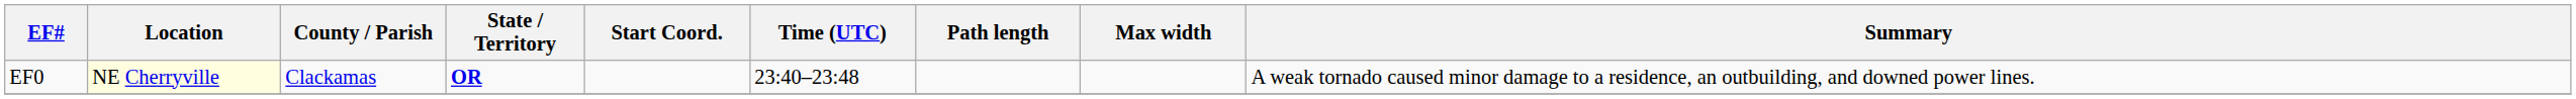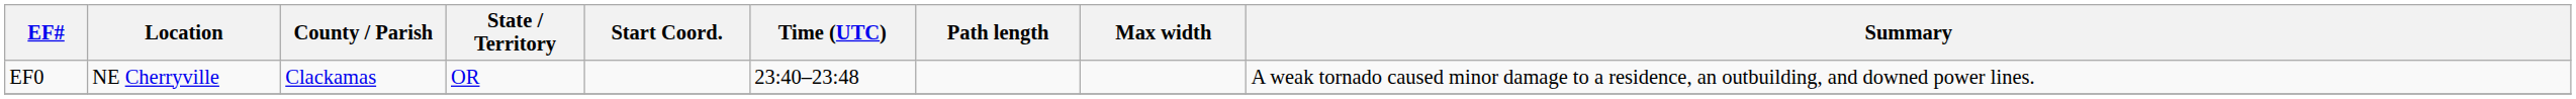 <table class="wikitable sortable" style="width:100%;">
 <tr>
 <th scope="col"  style="width:3%; text-align:center;"><a href='#'>EF#</a></th>
 <th scope="col"  style="width:7%; text-align:center;" class="unsortable">Location</th>
 <th scope="col"  style="width:6%; text-align:center;" class="unsortable">County / Parish</th>
 <th scope="col"  style="width:5%; text-align:center;">State / Territory</th>
 <th scope="col"  style="width:6%; text-align:center;">Start Coord.</th>
 <th scope="col"  style="width:6%; text-align:center;">Time (<a href='#'>UTC</a>)</th>
 <th scope="col"  style="width:6%; text-align:center;">Path length</th>
 <th scope="col"  style="width:6%; text-align:center;">Max width</th>
 <th scope="col" class="unsortable" style="width:48%; text-align:center;">Summary</th>
 </tr>
 <tr>
 <td>EF0</td>
-<td style="background: lightyellow;">NE <a href='#'>Cherryville</a></td>
+<td>NE <a href='#'>Cherryville</a></td>
 <td><a href='#'>Clackamas</a></td>
-<td><strong><a href='#'>OR</a></strong></td>
+<td><a href='#'>OR</a></td>
 <td></td>
 <td>23:40–23:48</td>
 <td></td>
 <td></td>
 <td>A weak tornado caused minor damage to a residence, an outbuilding, and downed power lines.</td>
 </tr>
 <tr>
 </tr>
 </table>
